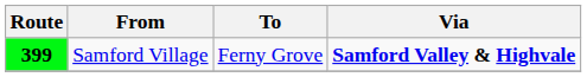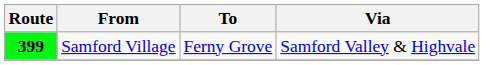 <table class="wikitable" border="1">
 <tr>
 <th scope="col" align="center"><strong>Route</strong></th>
 <th scope="col"><strong>From</strong></th>
 <th scope="col"><strong>To</strong></th>
 <th scope="col"><strong>Via</strong></th>
 </tr>
 <tr>
 <th align="center" style="font-style:bold; font-size:100%; background:#00f712;">399</th>
 <td><a href='#'>Samford Village</a></td>
 <td><a href='#'>Ferny Grove</a></td>
-<td><strong><a href='#'>Samford Valley</a> & <a href='#'>Highvale</a></strong></td>
+<td><a href='#'>Samford Valley</a> & <a href='#'>Highvale</a></td>
 </tr>
 <tr>
 </tr>
 </table>
